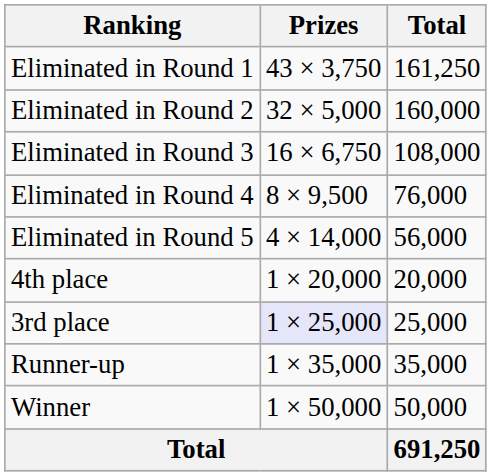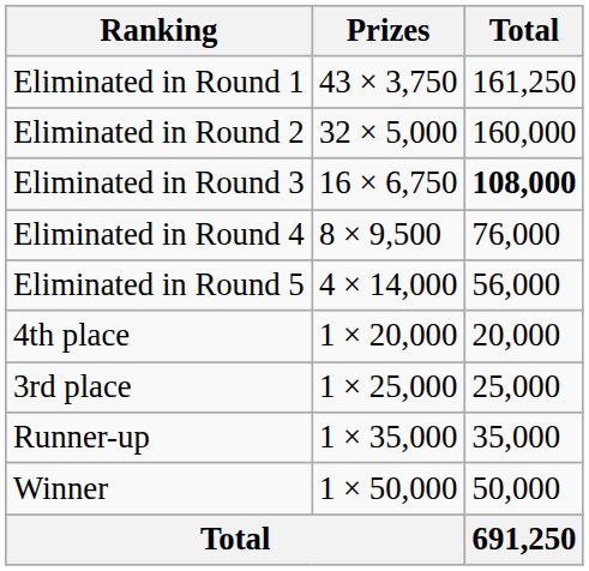 <table class="wikitable">
 <tr>
 <th>Ranking</th>
 <th>Prizes</th>
 <th>Total</th>
 </tr>
 <tr>
 <td>Eliminated in Round 1</td>
 <td>43 × 3,750</td>
 <td>161,250</td>
 </tr>
 <tr>
 <td>Eliminated in Round 2</td>
 <td>32 × 5,000</td>
 <td>160,000</td>
 </tr>
 <tr>
 <td>Eliminated in Round 3</td>
 <td>16 × 6,750</td>
-<td>108,000</td>
+<td><strong>108,000</strong></td>
 </tr>
 <tr>
 <td>Eliminated in Round 4</td>
 <td>8 × 9,500</td>
 <td>76,000</td>
 </tr>
 <tr>
 <td>Eliminated in Round 5</td>
 <td>4 × 14,000</td>
 <td>56,000</td>
 </tr>
 <tr>
 <td>4th place</td>
 <td>1 × 20,000</td>
 <td>20,000</td>
 </tr>
 <tr>
 <td>3rd place</td>
-<td style="background: lavender;">1 × 25,000</td>
+<td>1 × 25,000</td>
 <td>25,000</td>
 </tr>
 <tr>
 <td>Runner-up</td>
 <td>1 × 35,000</td>
 <td>35,000</td>
 </tr>
 <tr>
 <td>Winner</td>
 <td>1 × 50,000</td>
 <td>50,000</td>
 </tr>
 <tr>
 <th colspan="2">Total</th>
 <th>691,250</th>
 </tr>
 </table>
